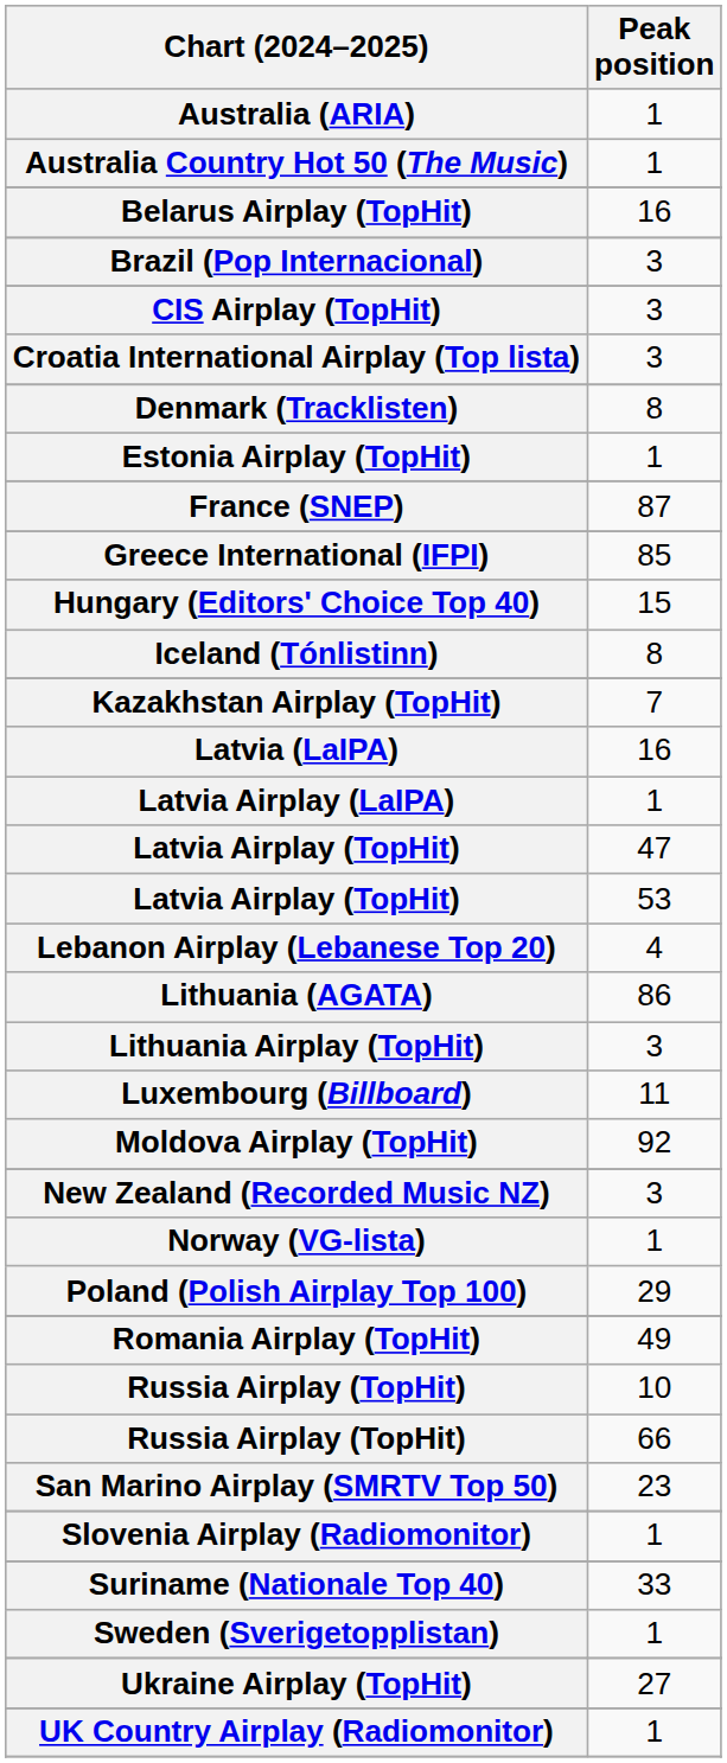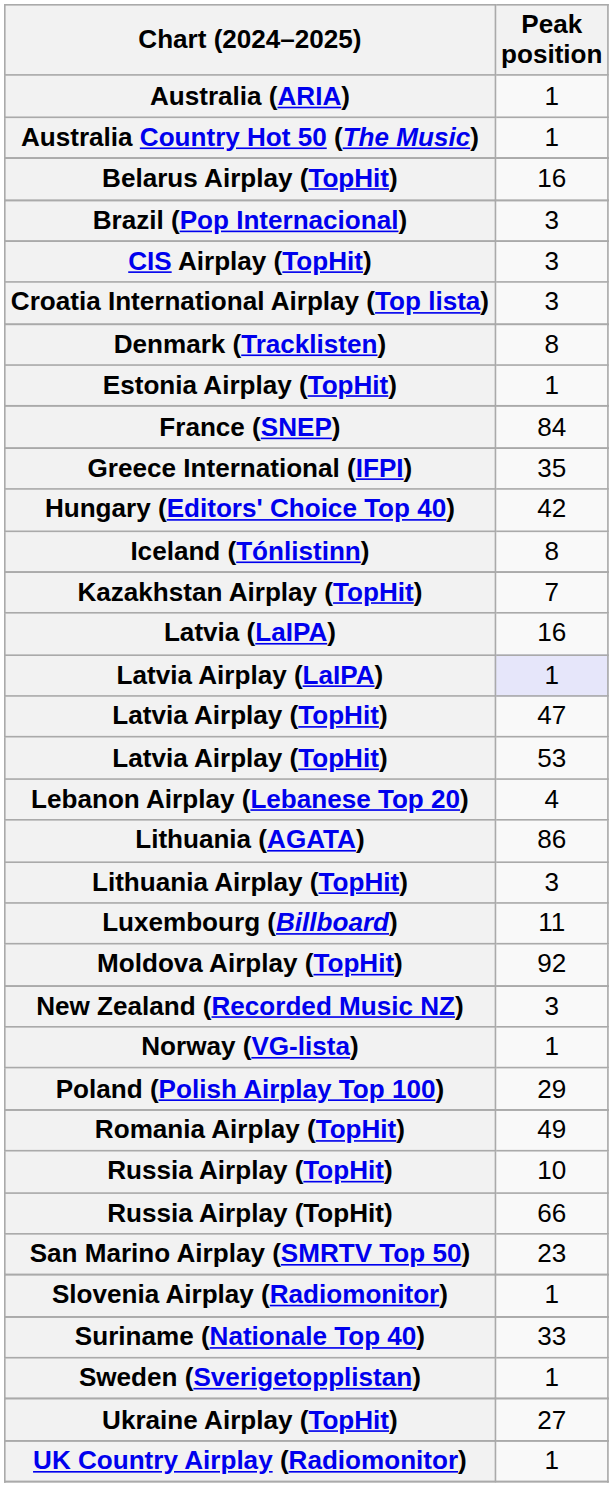 <table class="wikitable sortable plainrowheaders" style="text-align:center">
 <tr>
 <th scope="col">Chart (2024–2025)</th>
 <th scope="col">Peak<br>position</th>
 </tr>
 <tr>
 <th scope="row">Australia (<a href='#'>ARIA</a>)</th>
 <td>1</td>
 </tr>
 <tr>
 <th scope="row">Australia <a href='#'>Country Hot 50</a> (<em><a href='#'>The Music</a></em>)</th>
 <td>1</td>
 </tr>
 <tr>
 </tr>
 <tr>
 <th scope="row">Belarus Airplay (<a href='#'>TopHit</a>)</th>
 <td>16</td>
 </tr>
 <tr>
 </tr>
 <tr>
 </tr>
 <tr>
 </tr>
 <tr>
 <th scope="row">Brazil (<a href='#'>Pop Internacional</a>)</th>
 <td>3</td>
 </tr>
 <tr>
 </tr>
 <tr>
 </tr>
 <tr>
 </tr>
 <tr>
 </tr>
 <tr>
 <th scope="row"><a href='#'>CIS</a> Airplay (<a href='#'>TopHit</a>)</th>
 <td>3</td>
 </tr>
 <tr>
 <th scope="row">Croatia International Airplay (<a href='#'>Top lista</a>)</th>
 <td>3</td>
 </tr>
 <tr>
 </tr>
 <tr>
 </tr>
 <tr>
 <th scope="row">Denmark (<a href='#'>Tracklisten</a>)</th>
 <td>8</td>
 </tr>
 <tr>
 <th scope="row">Estonia Airplay (<a href='#'>TopHit</a>)</th>
 <td>1</td>
 </tr>
 <tr>
 </tr>
 <tr>
 <th scope="row">France (<a href='#'>SNEP</a>)</th>
-<td>87</td>
+<td>84</td>
 </tr>
 <tr>
 </tr>
 <tr>
 </tr>
 <tr>
 <th scope="row">Greece International (<a href='#'>IFPI</a>)</th>
-<td>85</td>
+<td>35</td>
 </tr>
 <tr>
 <th scope="row">Hungary (<a href='#'>Editors' Choice Top 40</a>)</th>
-<td>15</td>
+<td>42</td>
 </tr>
 <tr>
 <th scope="row">Iceland (<a href='#'>Tónlistinn</a>)</th>
 <td>8</td>
 </tr>
 <tr>
 </tr>
 <tr>
 <th scope="row">Kazakhstan Airplay (<a href='#'>TopHit</a>)</th>
 <td>7</td>
 </tr>
 <tr>
 <th scope="row">Latvia (<a href='#'>LaIPA</a>)</th>
 <td>16</td>
 </tr>
 <tr>
 <th scope="row">Latvia Airplay (<a href='#'>LaIPA</a>)</th>
-<td>1</td>
+<td style="background: lavender;">1</td>
 </tr>
 <tr>
 <th scope="row">Latvia Airplay (<a href='#'>TopHit</a>)<br></th>
 <td>47</td>
 </tr>
 <tr>
 <th scope="row">Latvia Airplay (<a href='#'>TopHit</a>)<br></th>
 <td>53</td>
 </tr>
 <tr>
 <th scope="row">Lebanon Airplay (<a href='#'>Lebanese Top 20</a>)</th>
 <td>4</td>
 </tr>
 <tr>
 <th scope="row">Lithuania (<a href='#'>AGATA</a>)</th>
 <td>86</td>
 </tr>
 <tr>
 <th scope="row">Lithuania Airplay (<a href='#'>TopHit</a>)</th>
 <td>3</td>
 </tr>
 <tr>
 <th scope="row">Luxembourg (<em><a href='#'>Billboard</a></em>)</th>
 <td>11</td>
 </tr>
 <tr>
 <th scope="row">Moldova Airplay (<a href='#'>TopHit</a>)</th>
 <td>92</td>
 </tr>
 <tr>
 </tr>
 <tr>
 </tr>
 <tr>
 <th scope="row">New Zealand (<a href='#'>Recorded Music NZ</a>)</th>
 <td>3</td>
 </tr>
 <tr>
 <th scope="row">Norway (<a href='#'>VG-lista</a>)</th>
 <td>1</td>
 </tr>
 <tr>
 <th scope="row">Poland (<a href='#'>Polish Airplay Top 100</a>)</th>
 <td>29</td>
 </tr>
 <tr>
 </tr>
 <tr>
 <th scope="row">Romania Airplay (<a href='#'>TopHit</a>)</th>
 <td>49</td>
 </tr>
 <tr>
 <th scope="row">Russia Airplay (<a href='#'>TopHit</a>)</th>
 <td>10</td>
 </tr>
 <tr>
 <th scope="row">Russia Airplay (TopHit)<br></th>
 <td>66</td>
 </tr>
 <tr>
 <th scope="row">San Marino Airplay (<a href='#'>SMRTV Top 50</a>)</th>
 <td>23</td>
 </tr>
 <tr>
 </tr>
 <tr>
 </tr>
 <tr>
 <th scope="row">Slovenia Airplay (<a href='#'>Radiomonitor</a>)</th>
 <td>1</td>
 </tr>
 <tr>
 </tr>
 <tr>
 <th scope="row">Suriname (<a href='#'>Nationale Top 40</a>)</th>
 <td>33</td>
 </tr>
 <tr>
 <th scope="row">Sweden (<a href='#'>Sverigetopplistan</a>)</th>
 <td>1</td>
 </tr>
 <tr>
 </tr>
 <tr>
 <th scope="row">Ukraine Airplay (<a href='#'>TopHit</a>)</th>
 <td>27</td>
 </tr>
 <tr>
 </tr>
 <tr>
 <th scope="row"><a href='#'>UK Country Airplay</a> (<a href='#'>Radiomonitor</a>)</th>
 <td>1</td>
 </tr>
 <tr>
 </tr>
 <tr>
 </tr>
 <tr>
 </tr>
 <tr>
 </tr>
 <tr>
 </tr>
 <tr>
 </tr>
 <tr>
 </tr>
 <tr>
 </tr>
 <tr>
 </tr>
 </table>
